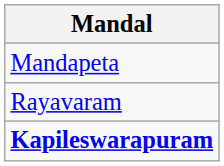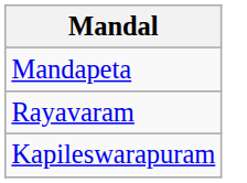 <table class="wikitable sortable static-row-numbers static-row-header-hash">
 <tr>
 <th>Mandal</th>
 </tr>
 <tr>
 <td><a href='#'>Mandapeta</a></td>
 </tr>
 <tr>
 <td><a href='#'>Rayavaram</a></td>
 </tr>
 <tr>
-<td><strong><a href='#'>Kapileswarapuram</a></strong></td>
+<td><a href='#'>Kapileswarapuram</a></td>
 </tr>
 </table>
